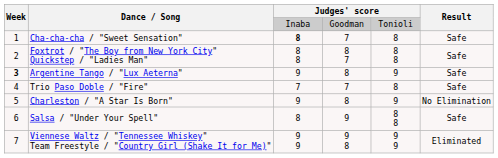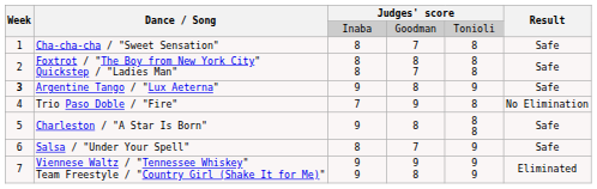 <table class="wikitable" style="text-align:center;">
 <tr style="text-align:center;">
 <th rowspan="2" bgcolor="#CCCCCC" align="Center">Week</th>
 <th rowspan="2" bgcolor="#CCCCCC" align="Center">Dance / Song</th>
 <th colspan="3" bgcolor="#CCCCCC" align="Center">Judges' score</th>
 <th rowspan="2" bgcolor="#CCCCCC" align="Center">Result</th>
 </tr>
 <tr>
 <td bgcolor="#CCCCCC" width="10%" align="center">Inaba</td>
 <td bgcolor="#CCCCCC" width="10%" align="center">Goodman</td>
 <td bgcolor="#CCCCCC" width="10%" align="center">Tonioli</td>
 </tr>
 <tr>
 <td bgcolor="FAF6F6">1</td>
 <td align="left" bgcolor="FAF6F6"><a href='#'>Cha-cha-cha</a> / "Sweet Sensation"</td>
-<td bgcolor="FAF6F6"><strong>8</strong></td>
+<td bgcolor="FAF6F6">8</td>
 <td bgcolor="FAF6F6">7</td>
 <td bgcolor="FAF6F6">8</td>
 <td bgcolor="FAF6F6">Safe</td>
 </tr>
 <tr>
 <td bgcolor="FAF6F6">2</td>
 <td align="left" bgcolor="FAF6F6"><a href='#'>Foxtrot</a> / "<a href='#'>The Boy from New York City</a>"<br><a href='#'>Quickstep</a> / "Ladies Man"</td>
 <td bgcolor="FAF6F6">8<br>8</td>
 <td bgcolor="FAF6F6">8<br>7</td>
 <td bgcolor="FAF6F6">8<br>8</td>
 <td bgcolor="FAF6F6">Safe</td>
 </tr>
 <tr>
 <td bgcolor="FAF6F6"><strong>3</strong></td>
 <td align="left" bgcolor="FAF6F6"><a href='#'>Argentine Tango</a> / "<a href='#'>Lux Aeterna</a>"</td>
 <td bgcolor="FAF6F6">9</td>
 <td bgcolor="FAF6F6">8</td>
 <td bgcolor="FAF6F6">9</td>
 <td bgcolor="FAF6F6">Safe</td>
 </tr>
 <tr>
 <td bgcolor="FAF6F6">4</td>
 <td align="left" bgcolor="FAF6F6">Trio <a href='#'>Paso Doble</a> / "Fire"</td>
 <td bgcolor="FAF6F6">7</td>
-<td bgcolor="FAF6F6">7</td>
+<td bgcolor="FAF6F6">9</td>
 <td bgcolor="FAF6F6">8</td>
-<td bgcolor="FAF6F6">Safe</td>
+<td bgcolor="FAF6F6">No Elimination</td>
 </tr>
 <tr>
 <td bgcolor="FAF6F6">5</td>
 <td align="left" bgcolor="FAF6F6"><a href='#'>Charleston</a> / "A Star Is Born"</td>
 <td bgcolor="FAF6F6">9</td>
 <td bgcolor="FAF6F6">8</td>
-<td bgcolor="FAF6F6">9</td>
-<td bgcolor="FAF6F6">No Elimination</td>
+<td bgcolor="FAF6F6">8<br>8</td>
+<td bgcolor="FAF6F6">Safe</td>
 </tr>
 <tr>
 <td bgcolor="FAF6F6">6</td>
 <td align="left" bgcolor="FAF6F6"><a href='#'>Salsa</a> / "Under Your Spell"</td>
 <td bgcolor="FAF6F6">8</td>
+<td bgcolor="FAF6F6">7</td>
 <td bgcolor="FAF6F6">9</td>
-<td bgcolor="FAF6F6">8<br>8</td>
 <td bgcolor="FAF6F6">Safe</td>
 </tr>
 <tr>
 <td bgcolor="FAF6F6">7</td>
 <td align="left" bgcolor="FAF6F6"><a href='#'>Viennese Waltz</a> / "<a href='#'>Tennessee Whiskey</a>"<br>Team Freestyle / "<a href='#'>Country Girl (Shake It for Me)</a>"</td>
 <td bgcolor="FAF6F6">9<br>9</td>
 <td bgcolor="FAF6F6">9<br>8</td>
 <td bgcolor="FAF6F6">9<br>9</td>
 <td bgcolor="FAF6F6">Eliminated</td>
 </tr>
 </table>
